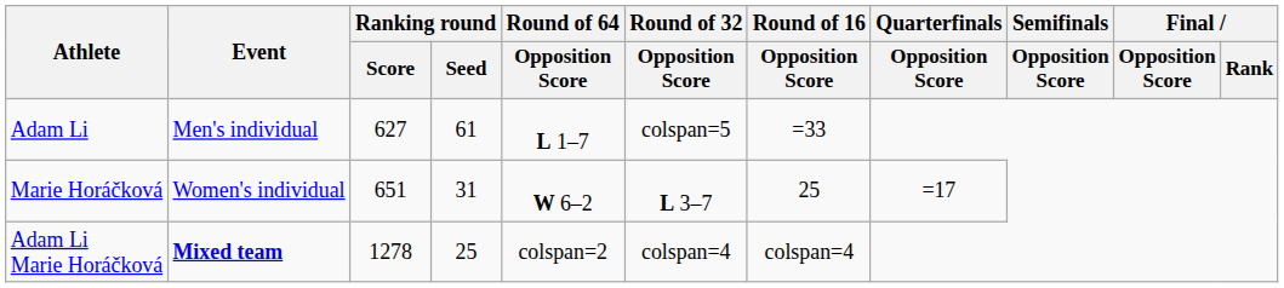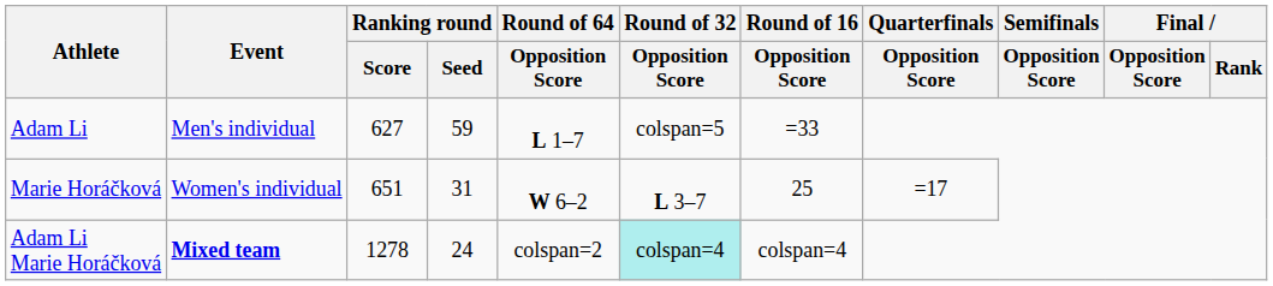 <table class="wikitable" style="font-size:90%; text-align:center">
 <tr>
 <th rowspan=2>Athlete</th>
 <th rowspan=2>Event</th>
 <th colspan="2">Ranking round</th>
 <th>Round of 64</th>
 <th>Round of 32</th>
 <th>Round of 16</th>
 <th>Quarterfinals</th>
 <th>Semifinals</th>
 <th colspan="2">Final / </th>
 </tr>
 <tr style="font-size:95%">
 <th>Score</th>
 <th>Seed</th>
 <th>Opposition<br>Score</th>
 <th>Opposition<br>Score</th>
 <th>Opposition<br>Score</th>
 <th>Opposition<br>Score</th>
 <th>Opposition<br>Score</th>
 <th>Opposition<br>Score</th>
 <th>Rank</th>
 </tr>
 <tr align=center>
 <td align=left><a href='#'>Adam Li</a></td>
 <td align=left><a href='#'>Men's individual</a></td>
 <td>627</td>
-<td>61</td>
+<td>59</td>
 <td><br><strong>L</strong> 1–7</td>
 <td>colspan=5 </td>
 <td>=33</td>
 </tr>
 <tr align=center>
 <td align=left><a href='#'>Marie Horáčková</a></td>
 <td align=left><a href='#'>Women's individual</a></td>
 <td>651</td>
 <td>31</td>
 <td><br><strong>W</strong> 6–2</td>
 <td><br><strong>L</strong> 3–7</td>
 <td>25</td>
 <td>=17</td>
 </tr>
 <tr align=center>
 <td align=left><a href='#'>Adam Li</a><br><a href='#'>Marie Horáčková</a></td>
 <td align=left><strong><a href='#'>Mixed team</a></strong></td>
 <td>1278</td>
-<td>25</td>
+<td>24</td>
 <td>colspan=2 </td>
-<td>colspan=4 </td>
+<td style="background: paleturquoise;">colspan=4 </td>
 <td>colspan=4 </td>
 </tr>
 </table>
